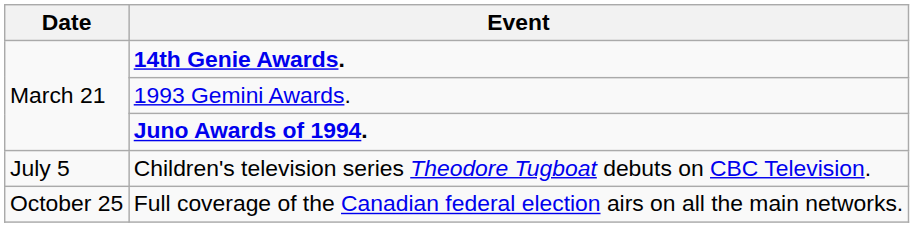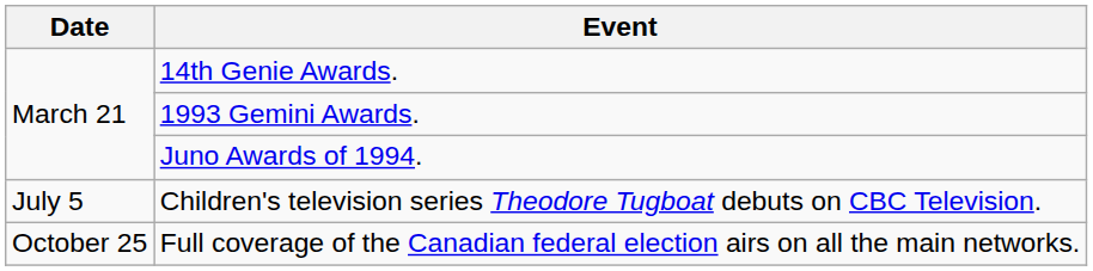 <table class="wikitable">
 <tr>
 <th>Date</th>
 <th>Event</th>
 </tr>
 <tr>
 <td rowspan="3">March 21</td>
-<td><strong><a href='#'>14th Genie Awards</a>.</strong></td>
+<td><a href='#'>14th Genie Awards</a>.</td>
 </tr>
 <tr>
 <td><a href='#'>1993 Gemini Awards</a>.</td>
 </tr>
 <tr>
-<td><strong><a href='#'>Juno Awards of 1994</a>.</strong></td>
+<td><a href='#'>Juno Awards of 1994</a>.</td>
 </tr>
 <tr>
 <td>July 5</td>
 <td>Children's television series <em><a href='#'>Theodore Tugboat</a></em> debuts on <a href='#'>CBC Television</a>.</td>
 </tr>
 <tr>
 <td>October 25</td>
 <td>Full coverage of the <a href='#'>Canadian federal election</a> airs on all the main networks.</td>
 </tr>
 </table>
